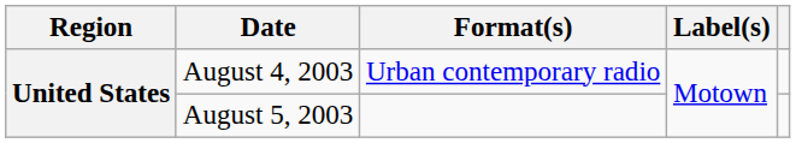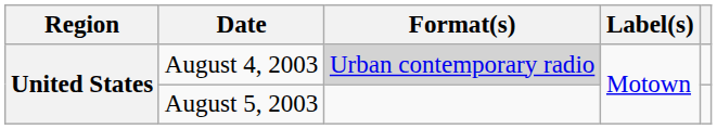 <table class="wikitable plainrowheaders">
 <tr>
 <th scope="col">Region</th>
 <th scope="col">Date</th>
 <th scope="col">Format(s)</th>
 <th scope="col">Label(s)</th>
 <th scope="col"></th>
 </tr>
 <tr>
 <th scope="row" rowspan="2">United States</th>
 <td>August 4, 2003</td>
-<td><a href='#'>Urban contemporary radio</a></td>
+<td style="background: lightgrey;"><a href='#'>Urban contemporary radio</a></td>
 <td rowspan="2"><a href='#'>Motown</a></td>
 <td></td>
 </tr>
 <tr>
 <td>August 5, 2003</td>
 <td></td>
 <td></td>
 </tr>
 </table>
